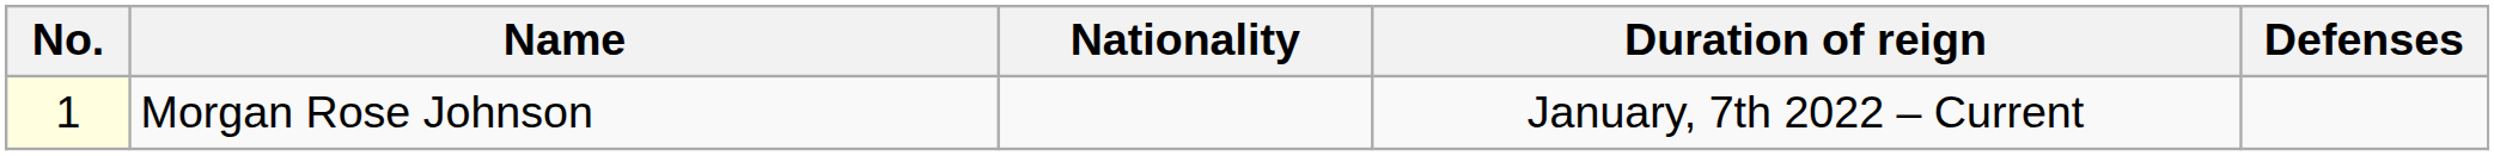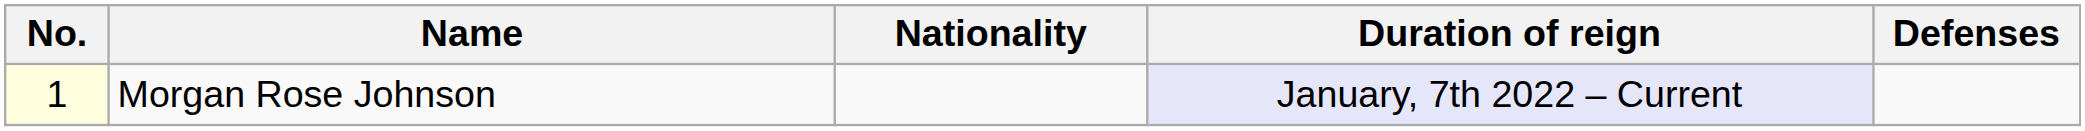 <table class="wikitable" width=100%>
 <tr>
 <th width=5%>No.</th>
 <th width=35%>Name</th>
 <th width=15%>Nationality</th>
 <th width=35%>Duration of reign</th>
 <th width=10%>Defenses</th>
 </tr>
 <tr align=center>
 <td style="background: lightyellow;">1</td>
 <td align=left>Morgan Rose Johnson</td>
 <td align=left></td>
-<td>January, 7th 2022 – Current</td>
+<td style="background: lavender;">January, 7th 2022 – Current</td>
 </tr>
 </table>
